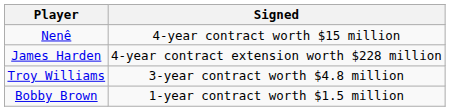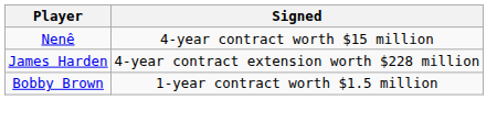 <table class="wikitable sortable sortable">
 <tr>
 <th>Player</th>
 <th>Signed</th>
 </tr>
 <tr style="text-align: center">
 <td><a href='#'>Nenê</a></td>
 <td>4-year contract worth $15 million</td>
 </tr>
 <tr style="text-align: center">
 <td><a href='#'>James Harden</a></td>
 <td>4-year contract extension worth $228 million</td>
 </tr>
 <tr style="text-align: center">
-<td><a href='#'>Troy Williams</a></td>
-<td>3-year contract worth $4.8 million</td>
-</tr>
-<tr style="text-align: center">
 <td><a href='#'>Bobby Brown</a></td>
 <td>1-year contract worth $1.5 million</td>
 </tr>
 </table>
